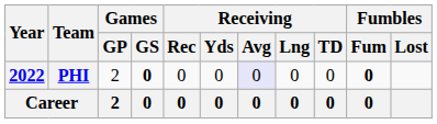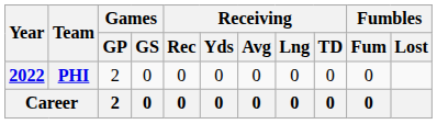 <table class="wikitable" style="text-align:center">
 <tr>
 <th rowspan="2">Year</th>
 <th rowspan="2">Team</th>
 <th colspan="2">Games</th>
 <th colspan="5">Receiving</th>
 <th colspan="2">Fumbles</th>
 </tr>
 <tr>
 <th>GP</th>
 <th>GS</th>
 <th>Rec</th>
 <th>Yds</th>
 <th>Avg</th>
 <th>Lng</th>
 <th>TD</th>
 <th>Fum</th>
 <th>Lost</th>
 </tr>
 <tr>
 <th><a href='#'>2022</a></th>
 <th><a href='#'>PHI</a></th>
 <td>2</td>
-<td><strong>0</strong></td>
 <td>0</td>
 <td>0</td>
-<td style="background: lavender;">0</td>
 <td>0</td>
 <td>0</td>
-<td><strong>0</strong></td>
+<td>0</td>
+<td>0</td>
+<td>0</td>
 <td></td>
 </tr>
 <tr>
 <th colspan="2">Career</th>
 <th>2</th>
 <th>0</th>
 <th>0</th>
 <th>0</th>
 <th>0</th>
 <th>0</th>
 <th>0</th>
 <th>0</th>
 <th></th>
 </tr>
 </table>
